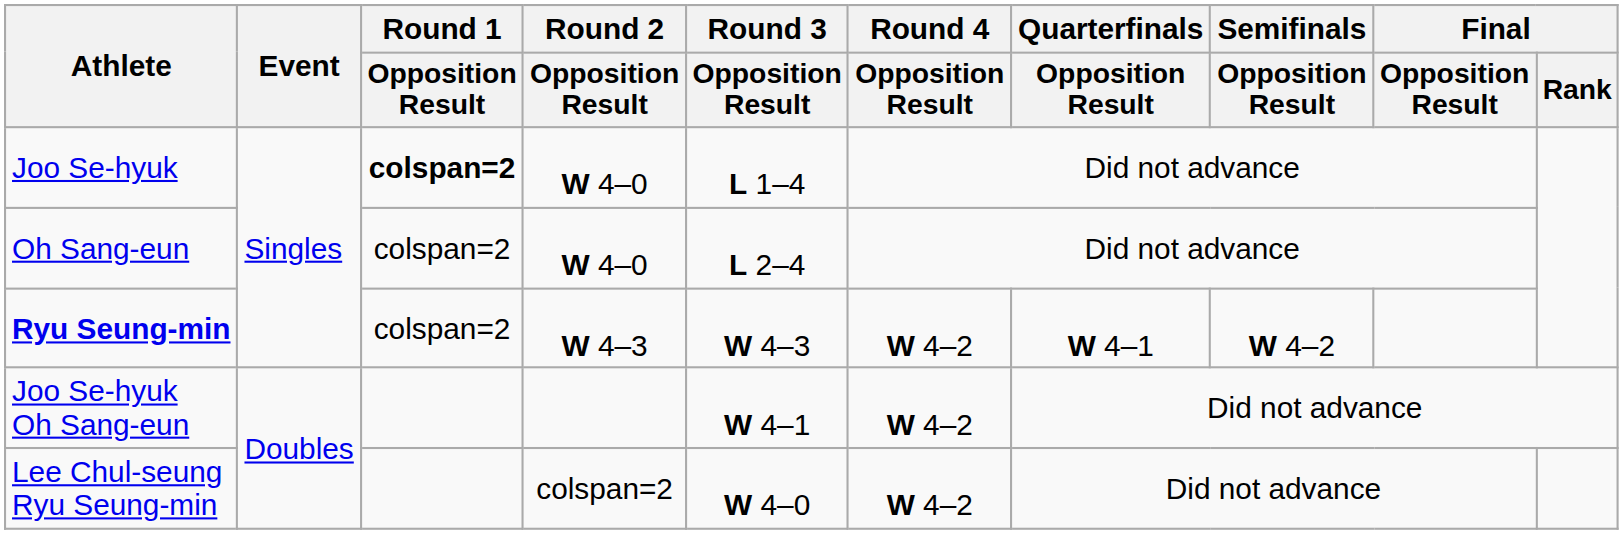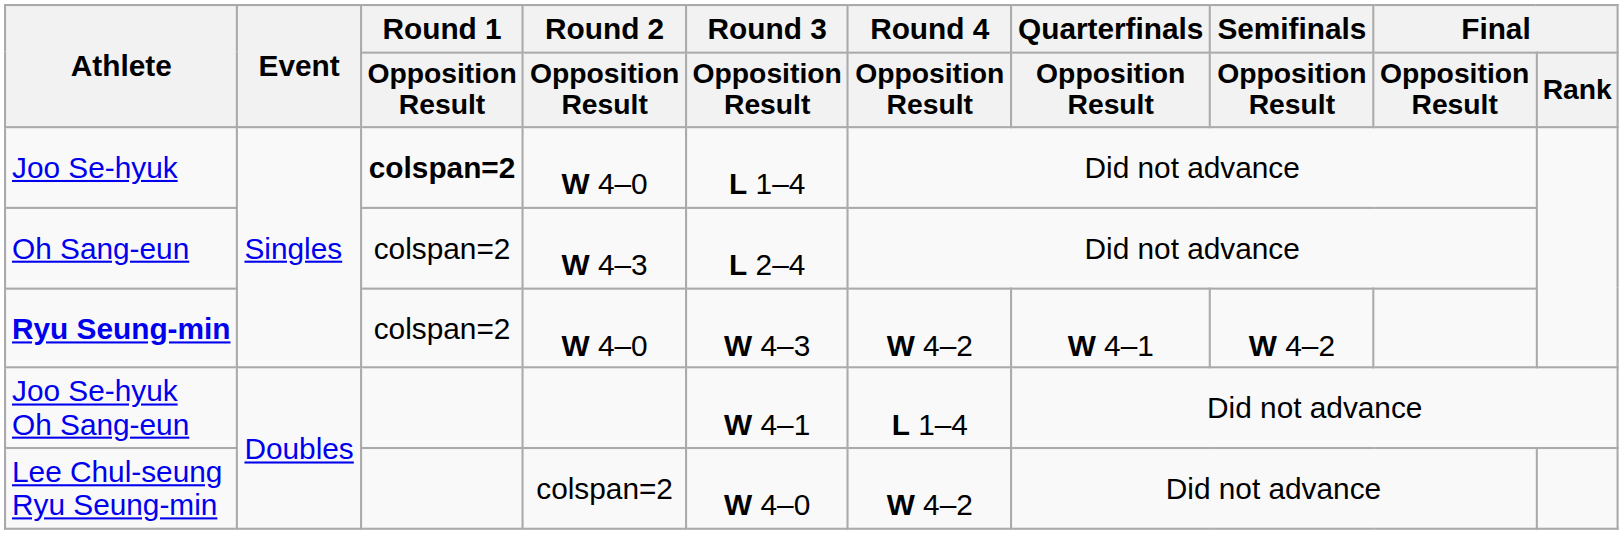 <table class="wikitable" style="font-size:90%">
 <tr>
 <th rowspan="2">Athlete</th>
 <th rowspan="2">Event</th>
 <th>Round 1</th>
 <th>Round 2</th>
 <th>Round 3</th>
 <th>Round 4</th>
 <th>Quarterfinals</th>
 <th>Semifinals</th>
 <th colspan=2>Final</th>
 </tr>
 <tr style="font-size:95%">
 <th>Opposition<br>Result</th>
 <th>Opposition<br>Result</th>
 <th>Opposition<br>Result</th>
 <th>Opposition<br>Result</th>
 <th>Opposition<br>Result</th>
 <th>Opposition<br>Result</th>
 <th>Opposition<br>Result</th>
 <th>Rank</th>
 </tr>
 <tr align=center>
 <td align=left><a href='#'>Joo Se-hyuk</a></td>
 <td align=left rowspan=3><a href='#'>Singles</a></td>
 <td><strong>colspan=2 </strong></td>
 <td><br><strong>W</strong> 4–0</td>
 <td><br><strong>L</strong> 1–4</td>
 <td colspan=4>Did not advance</td>
 </tr>
 <tr align=center>
 <td align=left><a href='#'>Oh Sang-eun</a></td>
 <td>colspan=2 </td>
-<td><br><strong>W</strong> 4–0</td>
+<td><br><strong>W</strong> 4–3</td>
 <td><br><strong>L</strong> 2–4</td>
 <td colspan=4>Did not advance</td>
 </tr>
 <tr align=center>
 <td align=left><strong><a href='#'>Ryu Seung-min</a></strong></td>
 <td>colspan=2 </td>
-<td><br><strong>W</strong> 4–3</td>
+<td><br><strong>W</strong> 4–0</td>
 <td><br><strong>W</strong> 4–3</td>
 <td><br><strong>W</strong> 4–2</td>
 <td><br><strong>W</strong> 4–1</td>
 <td><br><strong>W</strong> 4–2</td>
 <td></td>
 </tr>
 <tr align=center>
 <td align=left><a href='#'>Joo Se-hyuk</a><br><a href='#'>Oh Sang-eun</a></td>
 <td align=left rowspan=2><a href='#'>Doubles</a></td>
 <td></td>
 <td></td>
 <td><br> <strong>W</strong> 4–1</td>
-<td><br><strong>W</strong> 4–2</td>
+<td><br><strong>L</strong> 1–4</td>
 <td colspan=4>Did not advance</td>
 </tr>
 <tr align=center>
 <td align=left><a href='#'>Lee Chul-seung</a><br><a href='#'>Ryu Seung-min</a></td>
 <td></td>
 <td>colspan=2 </td>
 <td><br> <strong>W</strong> 4–0</td>
 <td><br><strong>W</strong> 4–2</td>
 <td colspan=3>Did not advance</td>
 </tr>
 </table>
